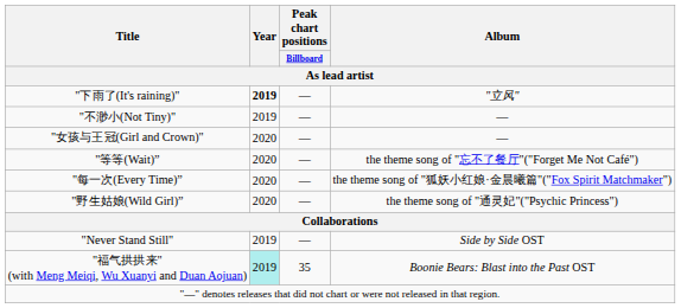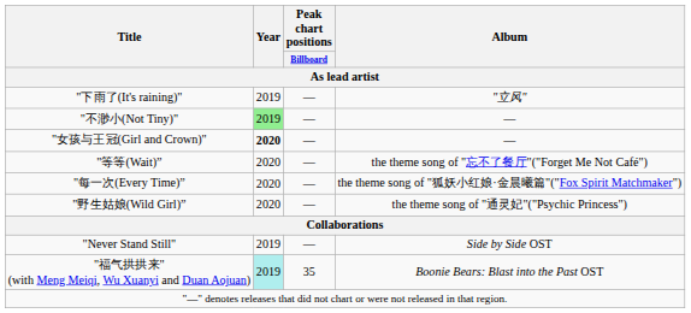 <table class="wikitable plainrowheaders" style="text-align:center;">
 <tr>
 <th scope="col" rowspan="2">Title</th>
 <th scope="col" rowspan="2">Year</th>
 <th scope="col" colspan="1">Peak chart <br> positions</th>
 <th scope="col" rowspan="2">Album</th>
 </tr>
 <tr>
 <th scope="col" style="width:3em;font-size:75%;"><a href='#'>Billboard</a> <br></th>
 </tr>
 <tr>
 <th colspan="5">As lead artist</th>
 </tr>
 <tr>
 <td scope="row">"下雨了(It's raining)"</td>
-<td><strong>2019</strong></td>
+<td>2019</td>
 <td>—</td>
 <td><em>"立风"</em></td>
 </tr>
 <tr>
 <td>"不渺小(Not Tiny)"</td>
-<td>2019</td>
+<td style="background: lightgreen;">2019</td>
 <td>—</td>
 <td>—</td>
 </tr>
 <tr>
 <td>"女孩与王冠(Girl and Crown)"</td>
-<td>2020</td>
+<td><strong>2020</strong></td>
 <td>—</td>
 <td>—</td>
 </tr>
 <tr>
 <td>"等等(Wait)”</td>
 <td>2020</td>
 <td>—</td>
 <td>the theme song of "<a href='#'>忘不了餐厅</a>"("Forget Me Not Café")</td>
 </tr>
 <tr>
 <td>"每一次(Every Time)”</td>
 <td>2020</td>
 <td>—</td>
 <td>the theme song of "狐妖小红娘·金晨曦篇"("<a href='#'>Fox Spirit Matchmaker</a>")</td>
 </tr>
 <tr>
 <td>"野生姑娘(Wild Girl)”</td>
 <td>2020</td>
 <td>—</td>
 <td>the theme song of "通灵妃"("Psychic Princess")</td>
 </tr>
 <tr>
 <th colspan="5"><strong>Collaborations</strong></th>
 </tr>
 <tr>
 <td scope="row">"Never Stand Still" <br></td>
 <td>2019</td>
 <td>—</td>
 <td><em>Side by Side</em> OST</td>
 </tr>
 <tr>
 <td>"福气拱拱来"<br>(with <a href='#'>Meng Meiqi</a>, <a href='#'>Wu Xuanyi</a> and <a href='#'>Duan Aojuan</a>)</td>
 <td style="background: paleturquoise;">2019</td>
 <td>35</td>
 <td><em>Boonie Bears: Blast into the Past</em> OST</td>
 </tr>
 <tr>
 <td colspan="5" style="font-size:90%">"—" denotes releases that did not chart or were not released in that region.</td>
 </tr>
 </table>
